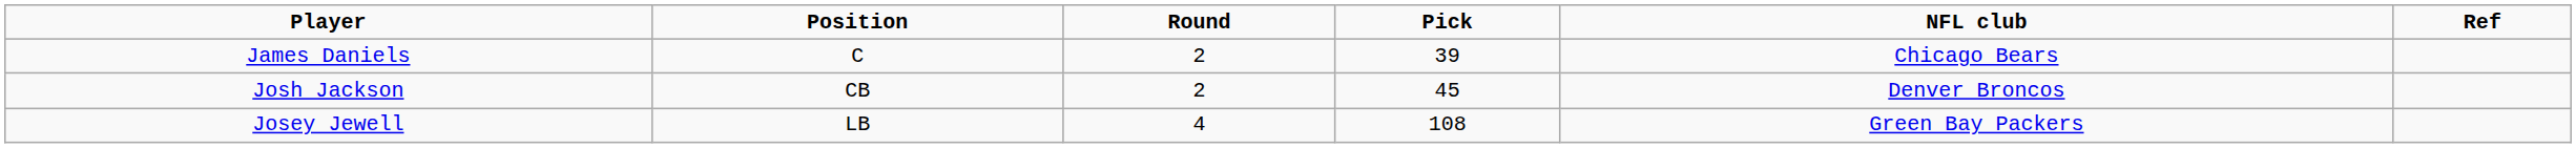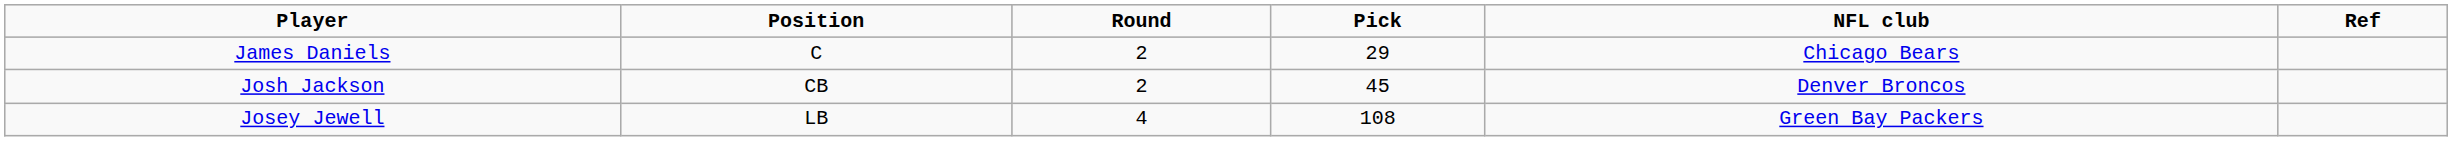 <table class="wikitable" width="80%">
 <tr align="center">
 <td><strong>Player</strong></td>
 <td><strong>Position</strong></td>
 <td><strong>Round</strong></td>
 <td><strong>Pick</strong></td>
 <td><strong>NFL club</strong></td>
 <td><strong>Ref</strong></td>
 </tr>
 <tr align="center" bgcolor="">
 <td><a href='#'>James Daniels</a></td>
 <td>C</td>
 <td>2</td>
-<td>39</td>
+<td>29</td>
 <td><a href='#'>Chicago Bears</a></td>
 <td></td>
 </tr>
 <tr align="center" bgcolor="">
 <td><a href='#'>Josh Jackson</a></td>
 <td>CB</td>
 <td>2</td>
 <td>45</td>
 <td><a href='#'>Denver Broncos</a></td>
 <td></td>
 </tr>
 <tr align="center" bgcolor="">
 <td><a href='#'>Josey Jewell</a></td>
 <td>LB</td>
 <td>4</td>
 <td>108</td>
 <td><a href='#'>Green Bay Packers</a></td>
 <td></td>
 </tr>
 </table>
